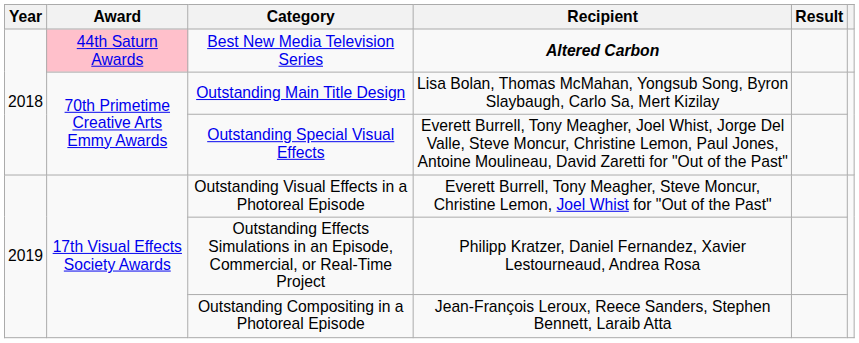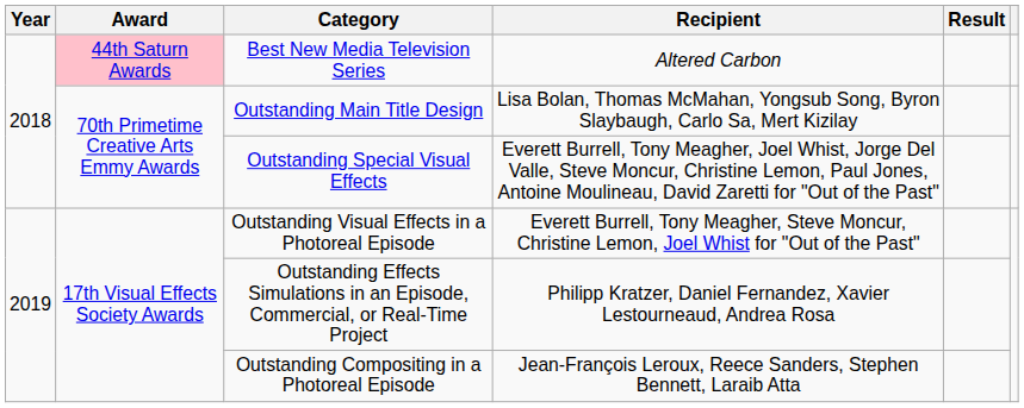 <table class="wikitable sortable plainrowheaders" style="text-align:center;">
 <tr>
 <th scope="col">Year</th>
 <th scope="col">Award</th>
 <th scope="col">Category</th>
 <th scope="col">Recipient</th>
 <th scope="col">Result</th>
 <th scope="col" class="unsortable"></th>
 </tr>
 <tr>
 <td rowspan="3">2018</td>
 <td style="background: pink;"><a href='#'>44th Saturn Awards</a></td>
 <td><a href='#'>Best New Media Television Series</a></td>
-<td><strong><em>Altered Carbon</em></strong></td>
+<td><em>Altered Carbon</em></td>
 <td></td>
 <td style="text-align:center;"></td>
 </tr>
 <tr>
 <td rowspan="2"><a href='#'>70th Primetime Creative Arts Emmy Awards</a></td>
 <td><a href='#'>Outstanding Main Title Design</a></td>
 <td>Lisa Bolan, Thomas McMahan, Yongsub Song, Byron Slaybaugh, Carlo Sa, Mert Kizilay</td>
 <td></td>
 <td style="text-align:center;" rowspan="2"></td>
 </tr>
 <tr>
 <td><a href='#'>Outstanding Special Visual Effects</a></td>
 <td>Everett Burrell, Tony Meagher, Joel Whist, Jorge Del Valle, Steve Moncur, Christine Lemon, Paul Jones, Antoine Moulineau, David Zaretti for "Out of the Past"</td>
 <td></td>
 </tr>
 <tr>
 <td rowspan="3">2019</td>
 <td rowspan="3"><a href='#'>17th Visual Effects Society Awards</a></td>
 <td>Outstanding Visual Effects in a Photoreal Episode</td>
 <td>Everett Burrell, Tony Meagher, Steve Moncur, Christine Lemon, <a href='#'>Joel Whist</a> for "Out of the Past"</td>
 <td></td>
 <td rowspan="3"style="text-align:center;"></td>
 </tr>
 <tr>
 <td>Outstanding Effects Simulations in an Episode, Commercial, or Real-Time Project</td>
 <td>Philipp Kratzer, Daniel Fernandez, Xavier Lestourneaud, Andrea Rosa</td>
 <td></td>
 </tr>
 <tr>
 <td>Outstanding Compositing in a Photoreal Episode</td>
 <td>Jean-François Leroux, Reece Sanders, Stephen Bennett, Laraib Atta</td>
 <td></td>
 </tr>
 </table>
